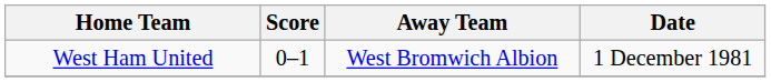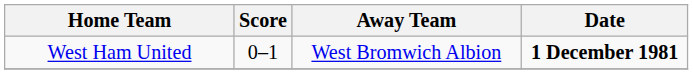 <table class="wikitable" style="text-align:center;">
 <tr>
 <th width=175>Home Team</th>
 <th width=20>Score</th>
 <th width=175>Away Team</th>
 <th width=125>Date</th>
 </tr>
 <tr>
 <td><a href='#'>West Ham United</a></td>
 <td>0–1</td>
 <td><a href='#'>West Bromwich Albion</a></td>
-<td>1 December 1981</td>
+<td><strong>1 December 1981</strong></td>
 </tr>
 <tr>
 </tr>
 </table>
